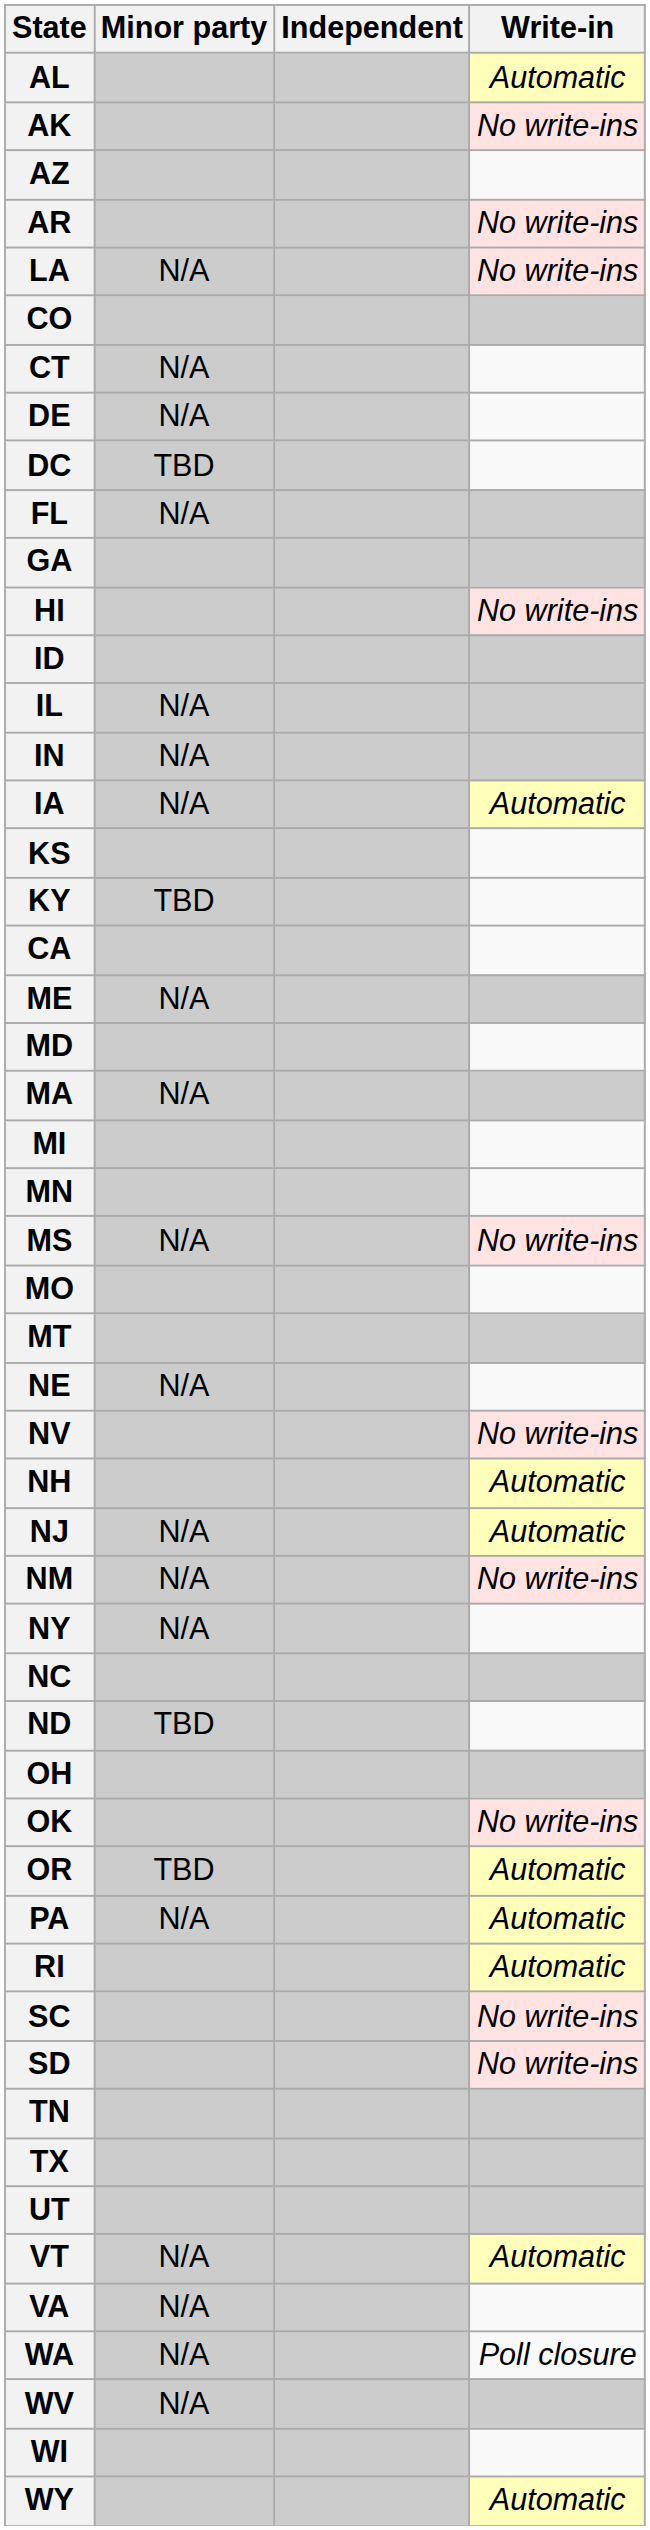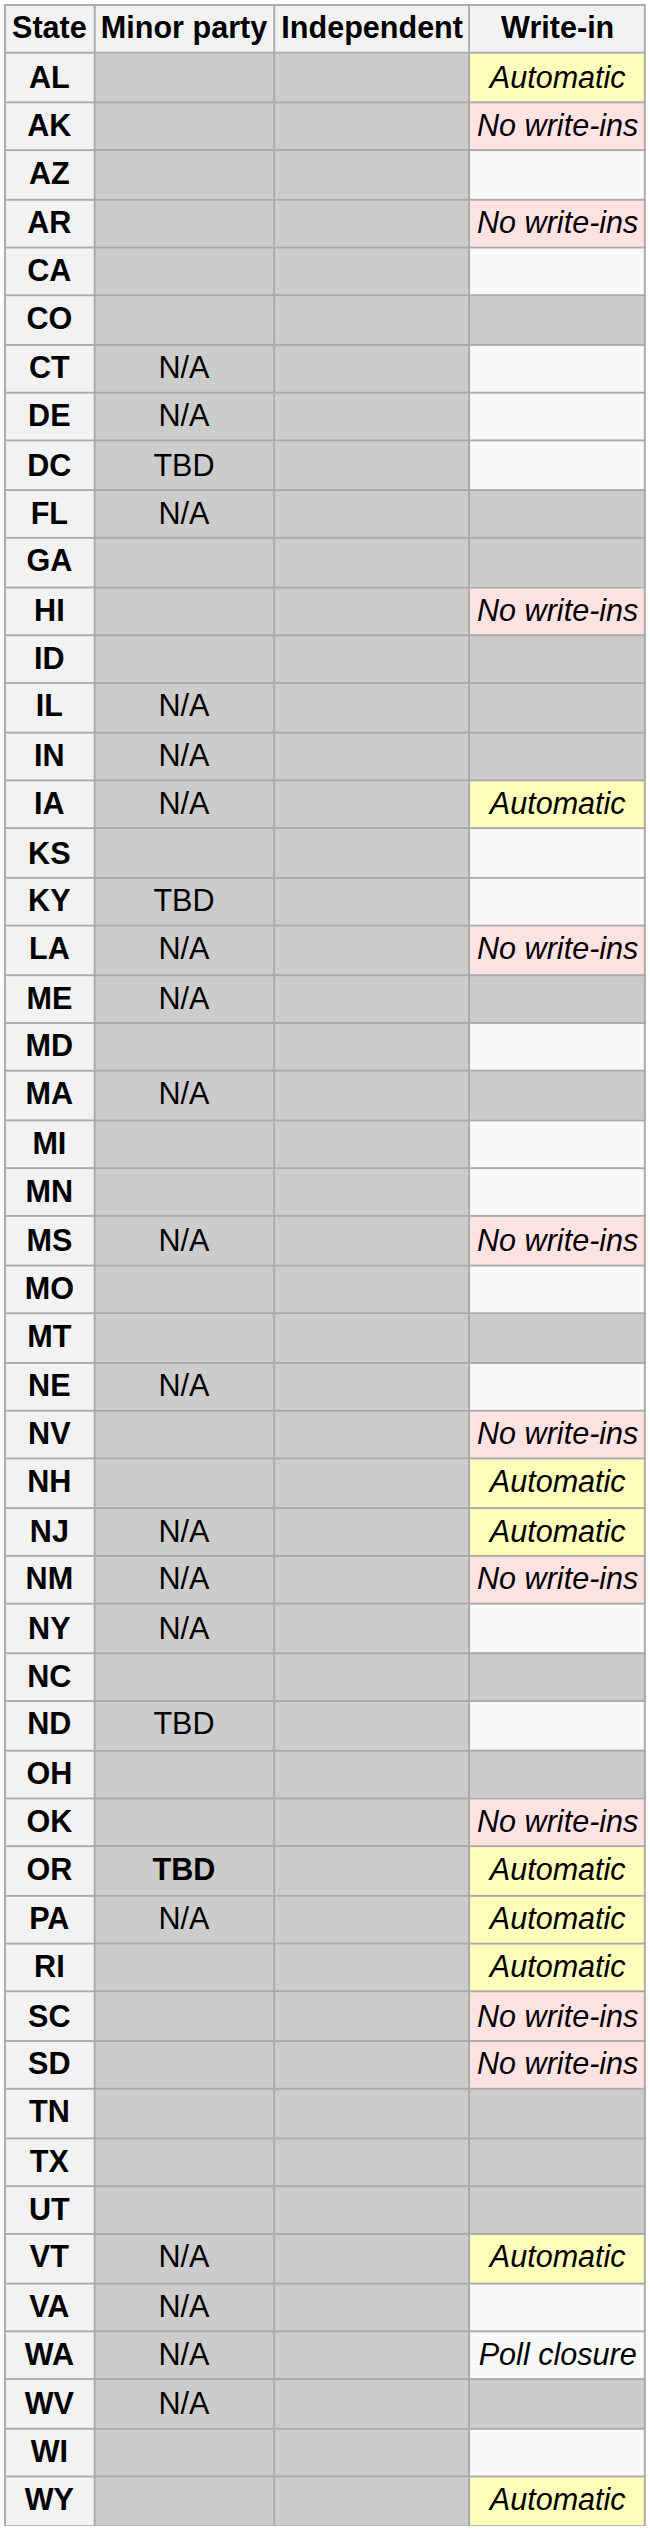 <table class="wikitable sortable">
 <tr style="vertical-align:bottom">
 <th>State</th>
 <th>Minor party</th>
 <th>Independent</th>
 <th>Write-in</th>
 </tr>
 <tr>
 <th>AL </th>
 <td style="text-align:center; background:#ccc;"></td>
 <td style="text-align:center; background:#ccc;"></td>
 <td style="text-align:center; background:#FFFFBB;"><em>Automatic</em></td>
 </tr>
 <tr>
 <th>AK </th>
 <td style="text-align:center; background:#ccc;"></td>
 <td style="text-align:center; background:#ccc;"></td>
 <td style="text-align:center; background:#FFE3E3;"><em>No write-ins</em></td>
 </tr>
 <tr>
 <th>AZ </th>
 <td style="text-align:center; background:#ccc;"></td>
 <td style="text-align:center; background:#ccc;"></td>
 <td style="text-align:center;"></td>
 </tr>
 <tr>
 <th>AR </th>
 <td style="text-align:center; background:#ccc;"></td>
 <td style="text-align:center; background:#ccc;"></td>
 <td style="text-align:center; background:#FFE3E3;"><em>No write-ins</em></td>
 </tr>
 <tr>
-<th>LA </th>
-<td style="text-align:center; background:#ccc;">N/A</td>
+<th>CA </th>
 <td style="text-align:center; background:#ccc;"></td>
-<td style="text-align:center; background:#FFE3E3;"><em>No write-ins</em></td>
+<td style="text-align:center; background:#ccc;"></td>
+<td style="text-align:center;"></td>
 </tr>
 <tr>
 <th>CO </th>
 <td style="text-align:center; background:#ccc"></td>
 <td style="text-align:center; background:#ccc"></td>
 <td style="text-align:center; background:#ccc"></td>
 </tr>
 <tr>
 <th>CT </th>
 <td style="text-align:center; background:#ccc">N/A</td>
 <td style="text-align:center; background:#ccc;"></td>
 <td style="text-align:center;"></td>
 </tr>
 <tr>
 <th>DE </th>
 <td style="text-align:center; background:#ccc;">N/A</td>
 <td style="text-align:center; background:#ccc;"></td>
 <td style="text-align:center;"></td>
 </tr>
 <tr>
 <th>DC </th>
 <td style="text-align:center; background:#ccc;">TBD</td>
 <td style="text-align:center; background:#ccc;"></td>
 <td style="text-align:center;"></td>
 </tr>
 <tr>
 <th>FL </th>
 <td style="text-align:center; background:#ccc;">N/A</td>
 <td style="text-align:center; background:#ccc"></td>
 <td style="text-align:center; background:#ccc"></td>
 </tr>
 <tr>
 <th>GA </th>
 <td style="text-align:center; background:#ccc;"></td>
 <td style="text-align:center; background:#ccc;"></td>
 <td style="text-align:center; background:#ccc;"></td>
 </tr>
 <tr>
 <th>HI </th>
 <td style="text-align:center; background:#ccc;"></td>
 <td style="text-align:center; background:#ccc;"></td>
 <td style="text-align:center; background:#FFE3E3;"><em>No write-ins</em></td>
 </tr>
 <tr>
 <th>ID </th>
 <td style="text-align:center; background:#ccc;"></td>
 <td style="text-align:center; background:#ccc;"></td>
 <td style="text-align:center; background:#ccc;"></td>
 </tr>
 <tr>
 <th>IL </th>
 <td style="text-align:center; background:#ccc">N/A</td>
 <td style="text-align:center; background:#ccc"></td>
 <td style="text-align:center; background:#ccc;"></td>
 </tr>
 <tr>
 <th>IN </th>
 <td style="text-align:center; background:#ccc">N/A</td>
 <td style="text-align:center; background:#ccc"></td>
 <td style="text-align:center; background:#ccc"></td>
 </tr>
 <tr>
 <th>IA </th>
 <td style="text-align:center; background:#ccc">N/A</td>
 <td style="text-align:center; background:#ccc;"></td>
 <td style="text-align:center; background:#FFFFBB;"><em>Automatic</em></td>
 </tr>
 <tr>
 <th>KS </th>
 <td style="text-align:center; background:#ccc"></td>
 <td style="text-align:center; background:#ccc;"></td>
 <td style="text-align:center;"></td>
 </tr>
 <tr>
 <th>KY </th>
 <td style="text-align:center; background:#ccc;">TBD</td>
 <td style="text-align:center; background:#ccc;"></td>
 <td style="text-align:center;"></td>
 </tr>
 <tr>
-<th>CA </th>
+<th>LA </th>
+<td style="text-align:center; background:#ccc;">N/A</td>
 <td style="text-align:center; background:#ccc;"></td>
-<td style="text-align:center; background:#ccc;"></td>
-<td style="text-align:center;"></td>
+<td style="text-align:center; background:#FFE3E3;"><em>No write-ins</em></td>
 </tr>
 <tr>
 <th>ME </th>
 <td style="text-align:center; background:#ccc;">N/A</td>
 <td style="text-align:center; background:#ccc;"></td>
 <td style="text-align:center; background:#ccc;"></td>
 </tr>
 <tr>
 <th>MD </th>
 <td style="text-align:center; background:#ccc;"></td>
 <td style="text-align:center; background:#ccc;"></td>
 <td style="text-align:center;"></td>
 </tr>
 <tr>
 <th>MA </th>
 <td style="text-align:center; background:#ccc">N/A</td>
 <td style="text-align:center; background:#ccc;"></td>
 <td style="text-align:center; background:#ccc;"></td>
 </tr>
 <tr>
 <th>MI </th>
 <td style="text-align:center; background:#ccc"></td>
 <td style="text-align:center; background:#ccc"></td>
 <td style="text-align:center;"></td>
 </tr>
 <tr>
 <th>MN </th>
 <td style="text-align:center; background:#ccc;"></td>
 <td style="text-align:center; background:#ccc;"></td>
 <td style="text-align:center;"></td>
 </tr>
 <tr>
 <th>MS </th>
 <td style="text-align:center; background:#ccc;">N/A</td>
 <td style="text-align:center; background:#ccc;"></td>
 <td style="text-align:center; background:#FFE3E3;"><em>No write-ins</em></td>
 </tr>
 <tr>
 <th>MO </th>
 <td style="text-align:center;background:#ccc"></td>
 <td style="text-align:center;background:#ccc"></td>
 <td style="text-align:center;"></td>
 </tr>
 <tr>
 <th>MT </th>
 <td style="text-align:center; background:#ccc;"></td>
 <td style="text-align:center; background:#ccc;"></td>
 <td style="text-align:center; background:#ccc;"></td>
 </tr>
 <tr>
 <th>NE </th>
 <td style="text-align:center; background:#ccc">N/A</td>
 <td style="text-align:center; background:#ccc;"></td>
 <td style="text-align:center;"></td>
 </tr>
 <tr>
 <th>NV </th>
 <td style="text-align:center; background:#ccc"></td>
 <td style="text-align:center; background:#ccc;"></td>
 <td style="text-align:center; background:#FFE3E3;"><em>No write-ins</em></td>
 </tr>
 <tr>
 <th>NH </th>
 <td style="text-align:center; background:#ccc;"></td>
 <td style="text-align:center; background:#ccc;"></td>
 <td style="text-align:center; background:#FFFFBB;"><em>Automatic</em></td>
 </tr>
 <tr>
 <th>NJ </th>
 <td style="text-align:center; background:#ccc">N/A</td>
 <td style="text-align:center;background:#ccc;"></td>
 <td style="text-align:center; background:#FFFFBB;"><em>Automatic</em></td>
 </tr>
 <tr>
 <th>NM </th>
 <td style="text-align:center; background:#ccc">N/A</td>
 <td style="text-align:center; background:#ccc"></td>
 <td style="text-align:center; background:#FFE3E3;"><em>No write-ins</em></td>
 </tr>
 <tr>
 <th>NY </th>
 <td style="text-align:center; background:#ccc">N/A</td>
 <td style="text-align:center; background:#ccc"></td>
 <td style="text-align:center"></td>
 </tr>
 <tr>
 <th>NC </th>
 <td style="text-align:center; background:#ccc"></td>
 <td style="text-align:center; background:#ccc;"></td>
 <td style="text-align:center; background:#ccc;"></td>
 </tr>
 <tr>
 <th>ND </th>
 <td style="text-align:center; background:#ccc;">TBD</td>
 <td style="text-align:center; background:#ccc;"></td>
 <td style="text-align:center;"></td>
 </tr>
 <tr>
 <th>OH </th>
 <td style="text-align:center; background:#ccc;"></td>
 <td style="text-align:center; background:#ccc;"></td>
 <td style="text-align:center; background:#ccc;"></td>
 </tr>
 <tr>
 <th>OK </th>
 <td style="text-align:center; background:#ccc;"></td>
 <td style="text-align:center; background:#ccc"></td>
 <td style="text-align:center; background:#FFE3E3;"><em>No write-ins</em></td>
 </tr>
 <tr>
 <th>OR </th>
-<td style="text-align:center; background:#ccc;">TBD</td>
+<td style="text-align:center; background:#ccc;"><strong>TBD</strong></td>
 <td style="text-align:center; background:#ccc;"></td>
 <td style="text-align:center; background:#FFFFBB;"><em>Automatic</em></td>
 </tr>
 <tr>
 <th>PA </th>
 <td style="text-align:center; background:#ccc">N/A</td>
 <td style="text-align:center;background:#ccc;"></td>
 <td style="text-align:center; background:#FFFFBB;"><em>Automatic</em></td>
 </tr>
 <tr>
 <th>RI </th>
 <td style="text-align:center;background:#ccc"></td>
 <td style="text-align:center;background:#ccc;"></td>
 <td style="text-align:center; background:#FFFFBB;"><em>Automatic</em></td>
 </tr>
 <tr>
 <th>SC </th>
 <td style="text-align:center; background:#ccc"></td>
 <td style="text-align:center; background:#ccc"></td>
 <td style="text-align:center; background:#FFE3E3;"><em>No write-ins</em></td>
 </tr>
 <tr>
 <th>SD </th>
 <td style="text-align:center; background:#ccc"></td>
 <td style="text-align:center; background:#ccc;"></td>
 <td style="text-align:center; background:#FFE3E3;"><em>No write-ins</em></td>
 </tr>
 <tr>
 <th>TN </th>
 <td style="text-align:center; background:#ccc;"></td>
 <td style="text-align:center; background:#ccc;"></td>
 <td style="text-align:center; background:#ccc;"></td>
 </tr>
 <tr>
 <th>TX </th>
 <td style="text-align:center; background:#ccc"></td>
 <td style="text-align:center; background:#ccc"></td>
 <td style="text-align:center; background:#ccc;"></td>
 </tr>
 <tr>
 <th>UT </th>
 <td style="text-align:center; background:#ccc;"></td>
 <td style="text-align:center; background:#ccc;"></td>
 <td style="text-align:center; background:#ccc;"></td>
 </tr>
 <tr>
 <th>VT </th>
 <td style="text-align:center; background:#ccc;">N/A</td>
 <td style="text-align:center;background:#ccc;"></td>
 <td style="text-align:center; background:#FFFFBB;"><em>Automatic</em></td>
 </tr>
 <tr>
 <th>VA </th>
 <td style="text-align:center; background:#ccc">N/A</td>
 <td style="text-align:center; background:#ccc;"></td>
 <td style="text-align:center;"></td>
 </tr>
 <tr>
 <th>WA </th>
 <td style="text-align:center; background:#ccc">N/A</td>
 <td style="text-align:center; background:#ccc;"></td>
 <td style="text-align:center;"><em>Poll closure</em></td>
 </tr>
 <tr>
 <th>WV </th>
 <td style="text-align:center; background:#ccc">N/A</td>
 <td style="text-align:center;background:#ccc;"></td>
 <td style="text-align:center; background:#ccc;"></td>
 </tr>
 <tr>
 <th>WI </th>
 <td style="text-align:center; background:#ccc;"></td>
 <td style="text-align:center; background:#ccc;"></td>
 <td style="text-align:center;"></td>
 </tr>
 <tr>
 <th>WY </th>
 <td style="text-align:center; background:#ccc"></td>
 <td style="text-align:center; background:#ccc;"></td>
 <td style="text-align:center; background:#FFFFBB;"><em>Automatic</em></td>
 </tr>
 </table>
